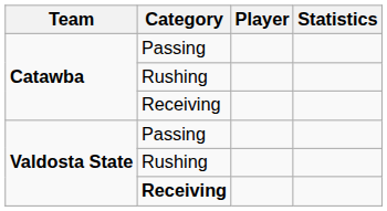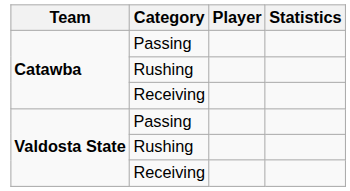 <table class="wikitable" style="float: right;">
 <tr>
 <th>Team</th>
 <th>Category</th>
 <th>Player</th>
 <th>Statistics</th>
 </tr>
 <tr>
 <td rowspan=3><strong>Catawba</strong></td>
 <td>Passing</td>
 <td></td>
 <td></td>
 </tr>
 <tr>
 <td>Rushing</td>
 <td></td>
 <td></td>
 </tr>
 <tr>
 <td>Receiving</td>
 <td></td>
 <td></td>
 </tr>
 <tr>
 <td rowspan=3><strong>Valdosta State</strong></td>
 <td>Passing</td>
 <td></td>
 <td></td>
 </tr>
 <tr>
 <td>Rushing</td>
 <td></td>
 <td></td>
 </tr>
 <tr>
-<td><strong>Receiving</strong></td>
+<td>Receiving</td>
 <td></td>
 <td></td>
 </tr>
 </table>
